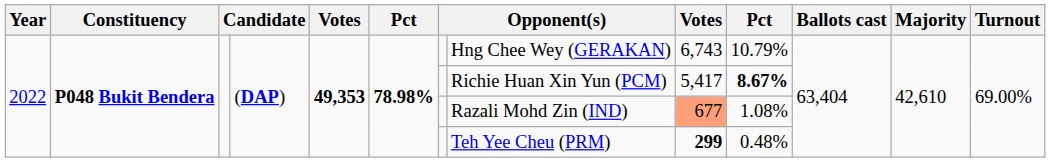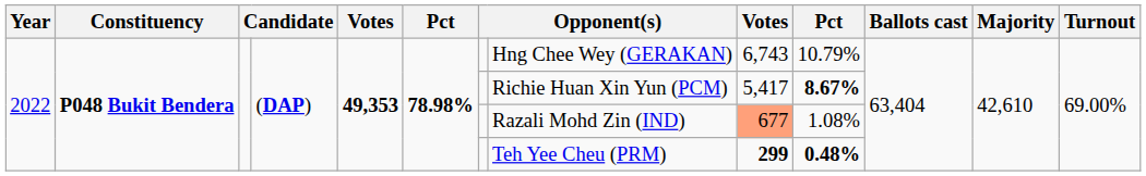 <table class="wikitable" style="margin:0.5em ; font-size:95%">
 <tr>
 <th>Year</th>
 <th>Constituency</th>
 <th colspan=2>Candidate</th>
 <th>Votes</th>
 <th>Pct</th>
 <th colspan=2>Opponent(s)</th>
 <th>Votes</th>
 <th>Pct</th>
 <th>Ballots cast</th>
 <th>Majority</th>
 <th>Turnout</th>
 </tr>
 <tr>
 <td rowspan=5><a href='#'>2022</a></td>
 <td rowspan=5><strong>P048 <a href='#'>Bukit Bendera</a></strong></td>
 <td rowspan=5 ></td>
 <td rowspan=5> (<a href='#'><strong>DAP</strong></a>)</td>
 <td rowspan=5 align=right><strong>49,353</strong></td>
 <td rowspan=5><strong>78.98%</strong></td>
 <td bgcolor=></td>
 <td>Hng Chee Wey (<a href='#'>GERAKAN</a>)</td>
 <td align=right>6,743</td>
 <td>10.79%</td>
 <td rowspan=5>63,404</td>
 <td rowspan=5>42,610</td>
 <td rowspan=5>69.00%</td>
 </tr>
 <tr>
 <td style="background-color: "></td>
 <td>Richie Huan Xin Yun (<a href='#'>PCM</a>)</td>
 <td align=right>5,417</td>
 <td align=right><strong>8.67%</strong></td>
 </tr>
 <tr>
 <td bgcolor=></td>
 <td>Razali Mohd Zin (<a href='#'>IND</a>)</td>
 <td align=right style="background: lightsalmon;">677</td>
 <td align=right>1.08%</td>
 </tr>
 <tr>
 <td></td>
 <td><a href='#'>Teh Yee Cheu</a> (<a href='#'>PRM</a>)</td>
 <td align=right><strong>299</strong></td>
-<td align=right>0.48%</td>
+<td align=right><strong>0.48%</strong></td>
 </tr>
 </table>
